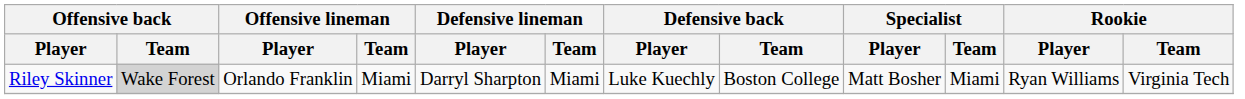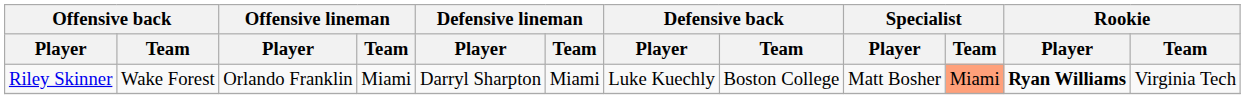 <table class="wikitable" border="1">
 <tr>
 <th colspan="2">Offensive back</th>
 <th colspan="2">Offensive lineman</th>
 <th colspan="2">Defensive lineman</th>
 <th colspan="2">Defensive back</th>
 <th colspan="2">Specialist</th>
 <th colspan="2">Rookie</th>
 </tr>
 <tr>
 <th>Player</th>
 <th>Team</th>
 <th>Player</th>
 <th>Team</th>
 <th>Player</th>
 <th>Team</th>
 <th>Player</th>
 <th>Team</th>
 <th>Player</th>
 <th>Team</th>
 <th>Player</th>
 <th>Team</th>
 </tr>
 <tr>
 <td><a href='#'>Riley Skinner</a></td>
-<td style="background: lightgrey;">Wake Forest</td>
+<td>Wake Forest</td>
 <td>Orlando Franklin</td>
 <td>Miami</td>
 <td>Darryl Sharpton</td>
 <td>Miami</td>
 <td>Luke Kuechly</td>
 <td>Boston College</td>
 <td>Matt Bosher</td>
-<td>Miami</td>
-<td>Ryan Williams</td>
+<td style="background: lightsalmon;">Miami</td>
+<td><strong>Ryan Williams</strong></td>
 <td>Virginia Tech</td>
 </tr>
 <tr>
 </tr>
 </table>
